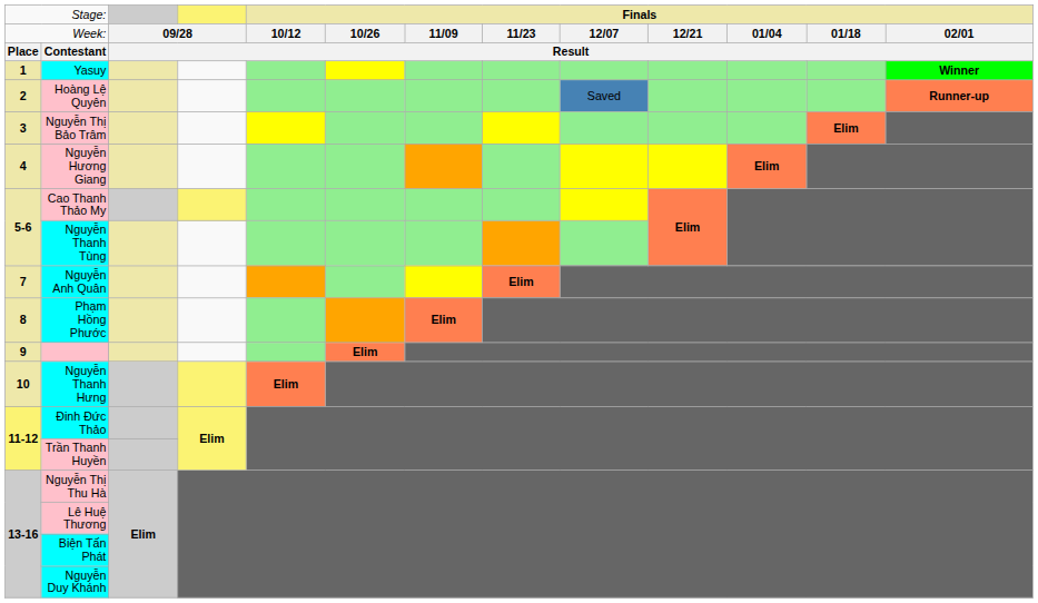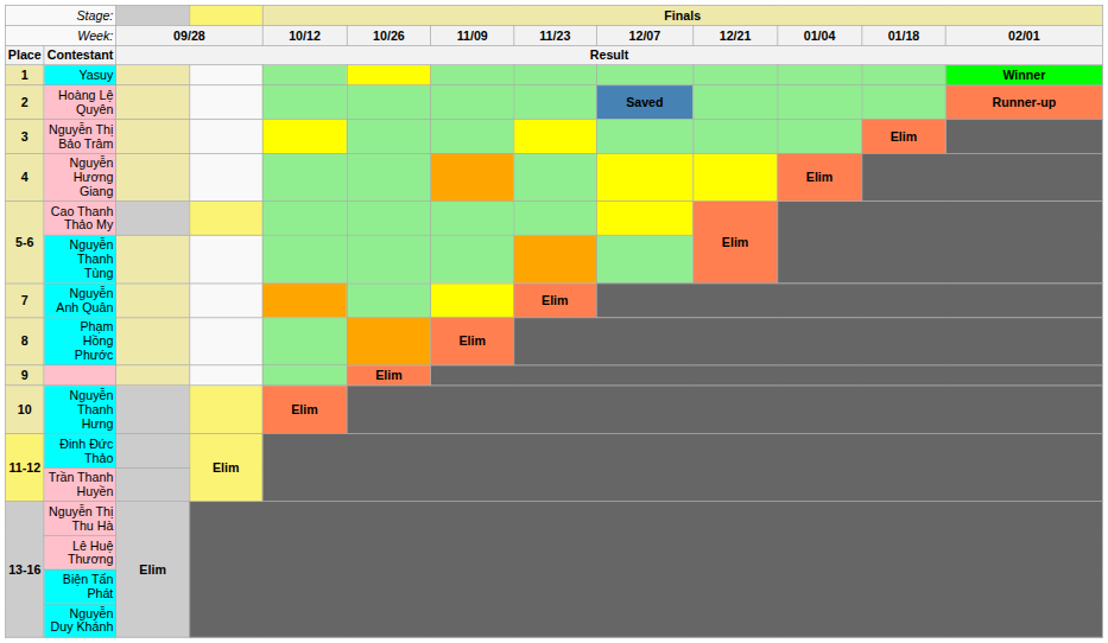 <table class="wikitable" style="text-align:center; font-size:90%">
 <tr>
 <td colspan="2" align="right"><em>Stage:</em></td>
 <td colspan="1" bgcolor="#CCCCCC" align="Center"><strong></strong></td>
 <td colspan="1" bgcolor="#FBF373" align="Center"><strong></strong></td>
 <td colspan="9" bgcolor="palegoldenrod" align="Center"><strong>Finals</strong></td>
 </tr>
 <tr>
 <td colspan="2" align="right" width=4%><em>Week:</em></td>
 <th colspan=2>09/28</th>
 <th>10/12</th>
 <th>10/26</th>
 <th>11/09</th>
 <th>11/23</th>
 <th>12/07</th>
 <th>12/21</th>
 <th>01/04</th>
 <th>01/18</th>
 <th>02/01</th>
 </tr>
 <tr>
 <th>Place</th>
 <th>Contestant</th>
 <th colspan="12" align="center">Result</th>
 </tr>
 <tr>
 <td align="center" bgcolor="palegoldenrod"><strong>1</strong></td>
 <td bgcolor="cyan" align="right">Yasuy</td>
 <td bgcolor="palegoldenrod" align="center"></td>
 <td></td>
 <td bgcolor="lightgreen"></td>
 <td bgcolor="Yellow"></td>
 <td bgcolor="lightgreen"></td>
 <td bgcolor="lightgreen"></td>
 <td bgcolor="lightgreen"></td>
 <td bgcolor="lightgreen"></td>
 <td bgcolor="lightgreen"></td>
 <td bgcolor="lightgreen"></td>
 <td bgcolor="lime"><strong>Winner</strong></td>
 </tr>
 <tr>
 <td align="center" bgcolor="palegoldenrod"><strong>2</strong></td>
 <td bgcolor="pink" align="right">Hoàng Lệ Quyên</td>
 <td bgcolor="palegoldenrod" align="center"></td>
 <td></td>
 <td bgcolor="lightgreen"></td>
 <td bgcolor="lightgreen"></td>
 <td bgcolor="lightgreen"></td>
 <td bgcolor="lightgreen"></td>
-<td style="background:steelblue;"><span>Saved</span></td>
+<td style="background:steelblue;"><strong><span>Saved</span></strong></td>
 <td bgcolor="lightgreen"></td>
 <td bgcolor="lightgreen"></td>
 <td bgcolor="lightgreen"></td>
 <td bgcolor="coral"><strong>Runner-up</strong></td>
 </tr>
 <tr>
 <td align="center" bgcolor="palegoldenrod"><strong>3</strong></td>
 <td bgcolor="pink" align="right">Nguyễn Thị Bảo Trâm</td>
 <td bgcolor="palegoldenrod" align="center"></td>
 <td></td>
 <td bgcolor="Yellow"></td>
 <td bgcolor="lightgreen"></td>
 <td bgcolor="lightgreen"></td>
 <td bgcolor="Yellow"></td>
 <td bgcolor="lightgreen"></td>
 <td bgcolor="lightgreen"></td>
 <td bgcolor="lightgreen"></td>
 <td bgcolor="coral"><strong>Elim</strong></td>
 <td colspan="15" bgcolor="666666"></td>
 </tr>
 <tr>
 <td align="center" bgcolor="palegoldenrod"><strong>4</strong></td>
 <td bgcolor="pink" align="right">Nguyễn Hương Giang</td>
 <td bgcolor="palegoldenrod" align="center"></td>
 <td></td>
 <td bgcolor="lightgreen"></td>
 <td bgcolor="lightgreen"></td>
 <td bgcolor="orange"></td>
 <td bgcolor="lightgreen"></td>
 <td bgcolor="Yellow"></td>
 <td bgcolor="Yellow"></td>
 <td bgcolor="coral"><strong>Elim</strong></td>
 <td colspan="15" bgcolor="666666"></td>
 </tr>
 <tr>
 <td rowspan=2 align="center" bgcolor="palegoldenrod"><strong>5-6</strong></td>
 <td bgcolor="pink" align="right">Cao Thanh Thảo My</td>
 <td bgcolor="#CCCCCC"></td>
 <td bgcolor="#FBF373" align="center"></td>
 <td bgcolor="lightgreen"></td>
 <td bgcolor="lightgreen"></td>
 <td bgcolor="lightgreen"></td>
 <td bgcolor="lightgreen"></td>
 <td bgcolor="yellow"></td>
 <td rowspan=2 bgcolor="coral"><strong>Elim</strong></td>
 <td rowspan=2 colspan="15" bgcolor="666666"></td>
 </tr>
 <tr>
 <td bgcolor="cyan" align="right">Nguyễn Thanh Tùng</td>
 <td bgcolor="palegoldenrod" align="center"></td>
 <td></td>
 <td bgcolor="lightgreen"></td>
 <td bgcolor="lightgreen"></td>
 <td bgcolor="lightgreen"></td>
 <td bgcolor="orange"></td>
 <td bgcolor="lightgreen"></td>
 </tr>
 <tr>
 <td align="center" bgcolor="palegoldenrod"><strong>7</strong></td>
 <td bgcolor="cyan" align="right">Nguyễn Anh Quân</td>
 <td bgcolor="palegoldenrod" align="center"></td>
 <td></td>
 <td bgcolor="orange"></td>
 <td bgcolor="lightgreen"></td>
 <td bgcolor="yellow"></td>
 <td bgcolor="coral"><strong>Elim</strong></td>
 <td colspan="15" bgcolor="666666"></td>
 </tr>
 <tr>
 <td align="center" bgcolor="palegoldenrod"><strong>8</strong></td>
 <td bgcolor="cyan" align="right">Phạm Hồng Phước</td>
 <td bgcolor="palegoldenrod" align="center"></td>
 <td></td>
 <td bgcolor="lightgreen"></td>
 <td bgcolor="orange"></td>
 <td bgcolor="coral"><strong>Elim</strong></td>
 <td colspan="15" bgcolor="666666"></td>
 </tr>
 <tr>
 <td align="center" bgcolor="palegoldenrod"><strong>9</strong></td>
 <td bgcolor="pink" align="right"></td>
 <td bgcolor="palegoldenrod" align="center"></td>
 <td></td>
 <td bgcolor="lightgreen"></td>
 <td bgcolor="coral"><strong>Elim</strong></td>
 <td colspan="15" bgcolor="666666"></td>
 </tr>
 <tr>
 <td align="center" bgcolor="palegoldenrod"><strong>10</strong></td>
 <td bgcolor="cyan" align="right">Nguyễn Thanh Hưng</td>
 <td bgcolor="#CCCCCC"></td>
 <td bgcolor="#FBF373" align="center"></td>
 <td bgcolor="coral"><strong>Elim</strong></td>
 <td colspan="15" bgcolor="666666"></td>
 </tr>
 <tr>
 <td rowspan=2 align="center" bgcolor="#FBF373"><strong>11-12</strong></td>
 <td bgcolor="cyan" align="right">Đinh Đức Thảo</td>
 <td bgcolor="#CCCCCC"></td>
 <td rowspan=2 bgcolor="#FBF373" align="center"><strong>Elim</strong></td>
 <td rowspan=2 colspan="15" bgcolor="666666"></td>
 </tr>
 <tr>
 <td bgcolor="pink" align="right">Trần Thanh Huyền</td>
 <td bgcolor="#CCCCCC"></td>
 </tr>
 <tr>
 <td rowspan=4 align="center" bgcolor="#CCCCCC"><strong>13-16</strong></td>
 <td bgcolor="pink" align="right">Nguyễn Thị Thu Hà</td>
 <td rowspan=4 bgcolor="#CCCCCC" align="center"><strong>Elim</strong></td>
 <td rowspan=4 colspan="15" bgcolor="666666"></td>
 </tr>
 <tr>
 <td bgcolor="pink" align="right">Lê Huệ Thương</td>
 </tr>
 <tr>
 <td bgcolor="cyan" align="right">Biện Tấn Phát</td>
 </tr>
 <tr>
 <td bgcolor="cyan" align="right">Nguyễn Duy Khánh</td>
 </tr>
 </table>
